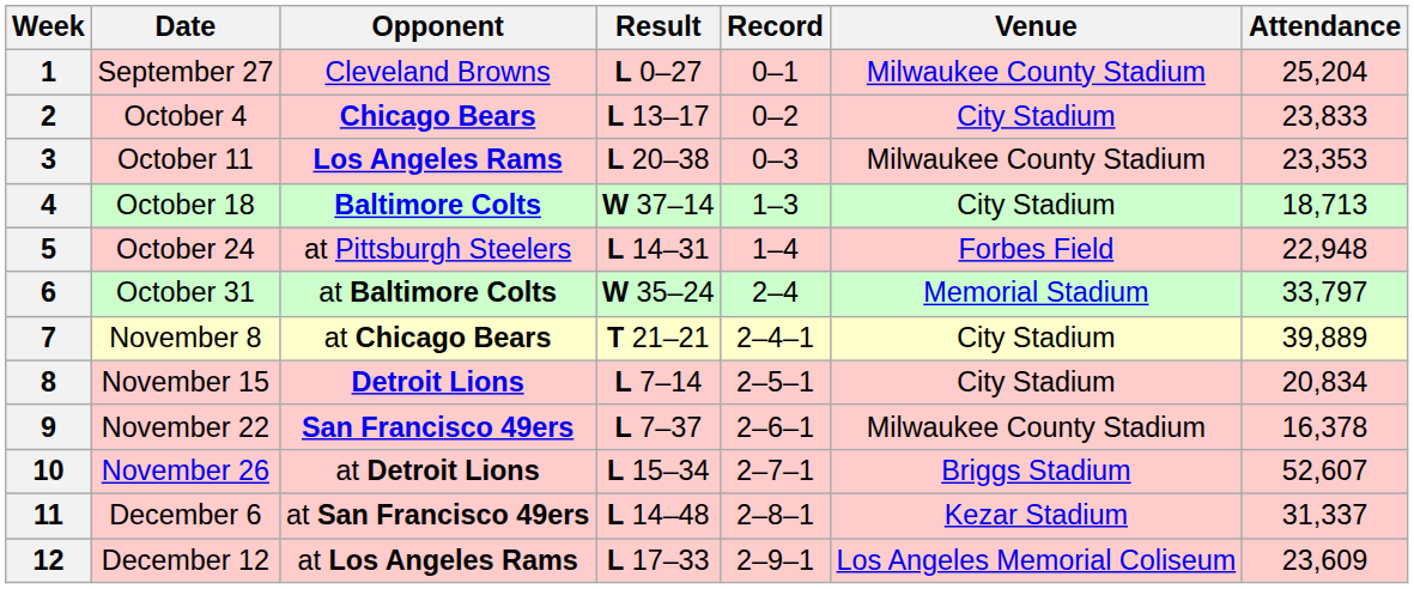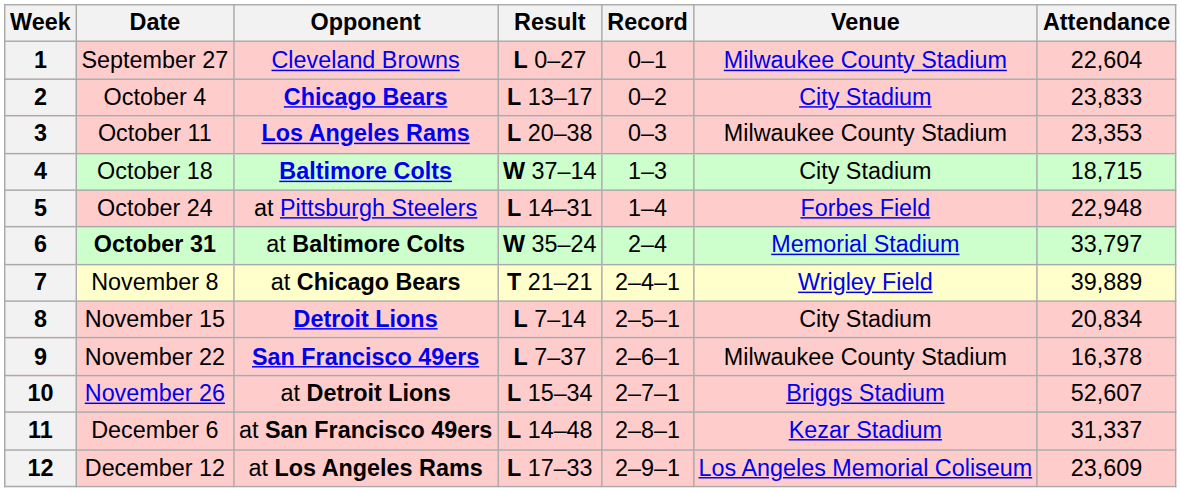 <table class="wikitable" style="text-align:center">
 <tr>
 <th>Week</th>
 <th>Date</th>
 <th>Opponent</th>
 <th>Result</th>
 <th>Record</th>
 <th>Venue</th>
 <th>Attendance</th>
 </tr>
 <tr style="background:#fcc">
 <th>1</th>
 <td>September 27</td>
 <td><a href='#'>Cleveland Browns</a></td>
 <td><strong>L</strong> 0–27</td>
 <td>0–1</td>
 <td><a href='#'>Milwaukee County Stadium</a></td>
-<td>25,204</td>
+<td>22,604</td>
 </tr>
 <tr style="background:#fcc">
 <th>2</th>
 <td>October 4</td>
 <td><strong><a href='#'>Chicago Bears</a></strong></td>
 <td><strong>L</strong> 13–17</td>
 <td>0–2</td>
 <td><a href='#'>City Stadium</a></td>
 <td>23,833</td>
 </tr>
 <tr style="background:#fcc">
 <th>3</th>
 <td>October 11</td>
 <td><strong><a href='#'>Los Angeles Rams</a></strong></td>
 <td><strong>L</strong> 20–38</td>
 <td>0–3</td>
 <td>Milwaukee County Stadium</td>
 <td>23,353</td>
 </tr>
 <tr style="background:#cfc">
 <th>4</th>
 <td>October 18</td>
 <td><strong><a href='#'>Baltimore Colts</a></strong></td>
 <td><strong>W</strong> 37–14</td>
 <td>1–3</td>
 <td>City Stadium</td>
-<td>18,713</td>
+<td>18,715</td>
 </tr>
 <tr style="background:#fcc">
 <th>5</th>
 <td>October 24</td>
 <td>at <a href='#'>Pittsburgh Steelers</a></td>
 <td><strong>L</strong> 14–31</td>
 <td>1–4</td>
 <td><a href='#'>Forbes Field</a></td>
 <td>22,948</td>
 </tr>
 <tr style="background:#cfc">
 <th>6</th>
-<td>October 31</td>
+<td><strong>October 31</strong></td>
 <td>at <strong>Baltimore Colts</strong></td>
 <td><strong>W</strong> 35–24</td>
 <td>2–4</td>
 <td><a href='#'>Memorial Stadium</a></td>
 <td>33,797</td>
 </tr>
 <tr style="background:#ffc">
 <th>7</th>
 <td>November 8</td>
 <td>at <strong>Chicago Bears</strong></td>
 <td><strong>T</strong> 21–21</td>
 <td>2–4–1</td>
-<td>City Stadium</td>
+<td><a href='#'>Wrigley Field</a></td>
 <td>39,889</td>
 </tr>
 <tr style="background:#fcc">
 <th>8</th>
 <td>November 15</td>
 <td><strong><a href='#'>Detroit Lions</a></strong></td>
 <td><strong>L</strong> 7–14</td>
 <td>2–5–1</td>
 <td>City Stadium</td>
 <td>20,834</td>
 </tr>
 <tr style="background:#fcc">
 <th>9</th>
 <td>November 22</td>
 <td><strong><a href='#'>San Francisco 49ers</a></strong></td>
 <td><strong>L</strong> 7–37</td>
 <td>2–6–1</td>
 <td>Milwaukee County Stadium</td>
 <td>16,378</td>
 </tr>
 <tr style="background:#fcc">
 <th>10</th>
 <td><a href='#'>November 26</a></td>
 <td>at <strong>Detroit Lions</strong></td>
 <td><strong>L</strong> 15–34</td>
 <td>2–7–1</td>
 <td><a href='#'>Briggs Stadium</a></td>
 <td>52,607</td>
 </tr>
 <tr style="background:#fcc">
 <th>11</th>
 <td>December 6</td>
 <td>at <strong>San Francisco 49ers</strong></td>
 <td><strong>L</strong> 14–48</td>
 <td>2–8–1</td>
 <td><a href='#'>Kezar Stadium</a></td>
 <td>31,337</td>
 </tr>
 <tr style="background:#fcc">
 <th>12</th>
 <td>December 12</td>
 <td>at <strong>Los Angeles Rams</strong></td>
 <td><strong>L</strong> 17–33</td>
 <td>2–9–1</td>
 <td><a href='#'>Los Angeles Memorial Coliseum</a></td>
 <td>23,609</td>
 </tr>
 </table>
